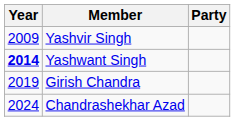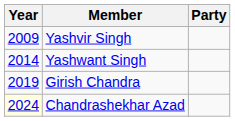 <table class="wikitable sortable">
 <tr>
 <th>Year</th>
 <th>Member</th>
 <th colspan="2">Party</th>
 </tr>
 <tr>
 <td><a href='#'>2009</a></td>
 <td><a href='#'>Yashvir Singh</a></td>
 <td></td>
 </tr>
 <tr>
-<td><strong><a href='#'>2014</a></strong></td>
+<td><a href='#'>2014</a></td>
 <td><a href='#'>Yashwant Singh</a></td>
 <td></td>
 </tr>
 <tr>
 <td><a href='#'>2019</a></td>
 <td><a href='#'>Girish Chandra</a></td>
 <td></td>
 </tr>
 <tr>
-<td><a href='#'>2024</a></td>
+<td style="background: lightyellow;"><a href='#'>2024</a></td>
 <td><a href='#'>Chandrashekhar Azad</a></td>
 <td></td>
 </tr>
 </table>
